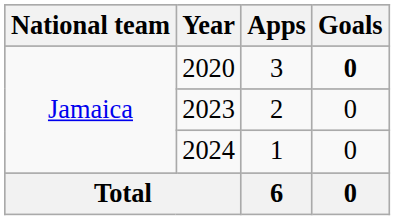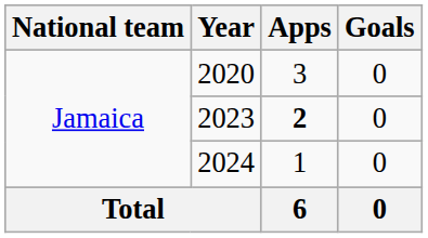 <table class=wikitable style=text-align:center>
 <tr>
 <th>National team</th>
 <th>Year</th>
 <th>Apps</th>
 <th>Goals</th>
 </tr>
 <tr>
 <td rowspan="3"><a href='#'>Jamaica</a></td>
 <td>2020</td>
 <td>3</td>
-<td><strong>0</strong></td>
+<td>0</td>
 </tr>
 <tr>
 <td>2023</td>
-<td>2</td>
+<td><strong>2</strong></td>
 <td>0</td>
 </tr>
 <tr>
 <td>2024</td>
 <td>1</td>
 <td>0</td>
 </tr>
 <tr>
 <th colspan="2">Total</th>
 <th>6</th>
 <th>0</th>
 </tr>
 </table>
